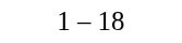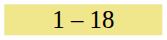 <table style="text-align:center">
 <tr>
 <th width=200></th>
 <th width=100></th>
 <th width=200></th>
 </tr>
 <tr>
 <td align=right></td>
-<td>1 – 18</td>
+<td style="background: khaki;">1 – 18</td>
 <td align=left><strong></strong></td>
 </tr>
 </table>
